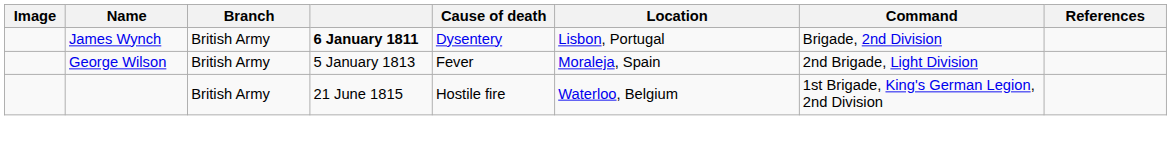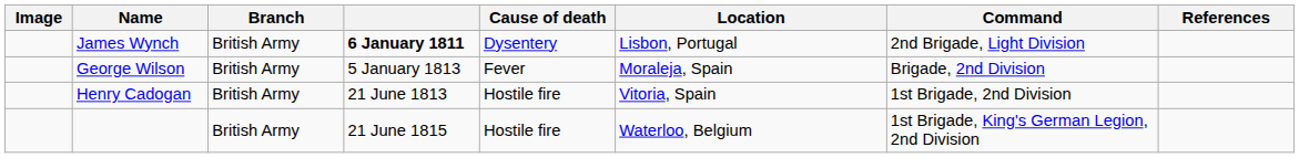 <table class="wikitable"width=100%>
 <tr>
 <th style="width: 5%">Image</th>
 <th style="width: 10%">Name</th>
 <th style="width: 10%">Branch</th>
 <th style="width: 10%"></th>
 <th style="width: 10%">Cause of death</th>
 <th style="width: 20%">Location</th>
 <th style="width: 20%">Command</th>
 <th style="width: 10%">References</th>
 </tr>
 <tr>
 <td></td>
 <td><a href='#'>James Wynch</a></td>
 <td>British Army</td>
 <td><strong>6 January 1811</strong></td>
 <td><a href='#'>Dysentery</a></td>
 <td><a href='#'>Lisbon</a>, Portugal</td>
-<td>Brigade, <a href='#'>2nd Division</a></td>
+<td>2nd Brigade, <a href='#'>Light Division</a></td>
 <td></td>
 </tr>
 <tr>
 <td></td>
 <td><a href='#'>George Wilson</a></td>
 <td>British Army</td>
 <td>5 January 1813</td>
 <td>Fever</td>
 <td><a href='#'>Moraleja</a>, Spain</td>
-<td>2nd Brigade, <a href='#'>Light Division</a></td>
+<td>Brigade, <a href='#'>2nd Division</a></td>
+<td></td>
+</tr>
+<tr>
+<td></td>
+<td><a href='#'>Henry Cadogan</a></td>
+<td>British Army</td>
+<td>21 June 1813</td>
+<td>Hostile fire</td>
+<td><a href='#'>Vitoria</a>, Spain</td>
+<td>1st Brigade, 2nd Division</td>
 <td></td>
 </tr>
 <tr>
 <td></td>
 <td></td>
 <td>British Army</td>
 <td>21 June  1815</td>
 <td>Hostile fire</td>
 <td><a href='#'>Waterloo</a>, Belgium</td>
 <td>1st Brigade, <a href='#'>King's German Legion</a>, 2nd Division</td>
 <td></td>
 </tr>
 </table>
